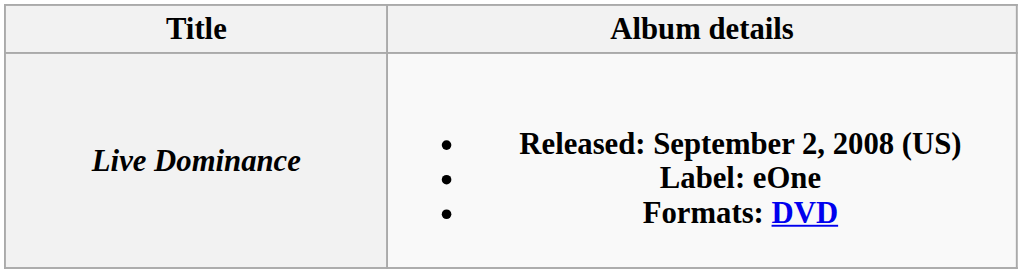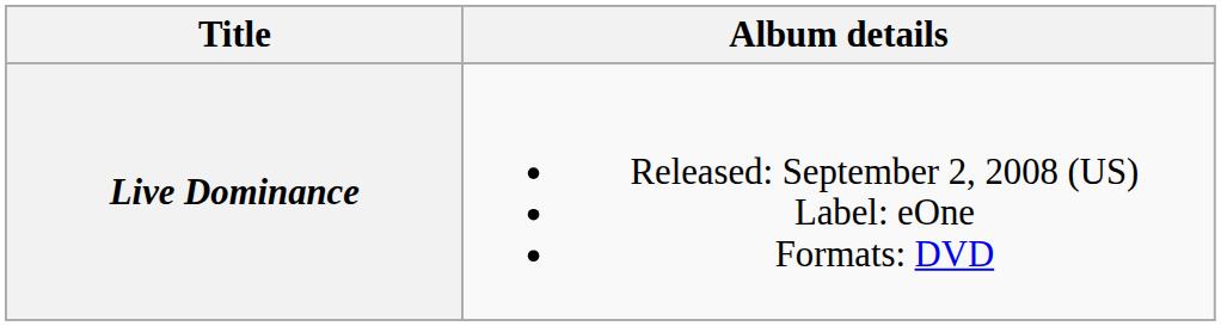 <table class="wikitable plainrowheaders" style="text-align:center;">
 <tr>
 <th scope="col" style="width:12em;">Title</th>
 <th scope="col" style="width:20em;">Album details</th>
 </tr>
 <tr>
 <th scope="row"><em>Live Dominance</em></th>
-<td><strong><br><ul><li>Released: September 2, 2008 <span>(US)</span></li><li>Label: eOne</li><li>Formats: <a href='#'>DVD</a></li></ul></strong></td>
+<td><br><ul><li>Released: September 2, 2008 <span>(US)</span></li><li>Label: eOne</li><li>Formats: <a href='#'>DVD</a></li></ul></td>
 </tr>
 </table>
